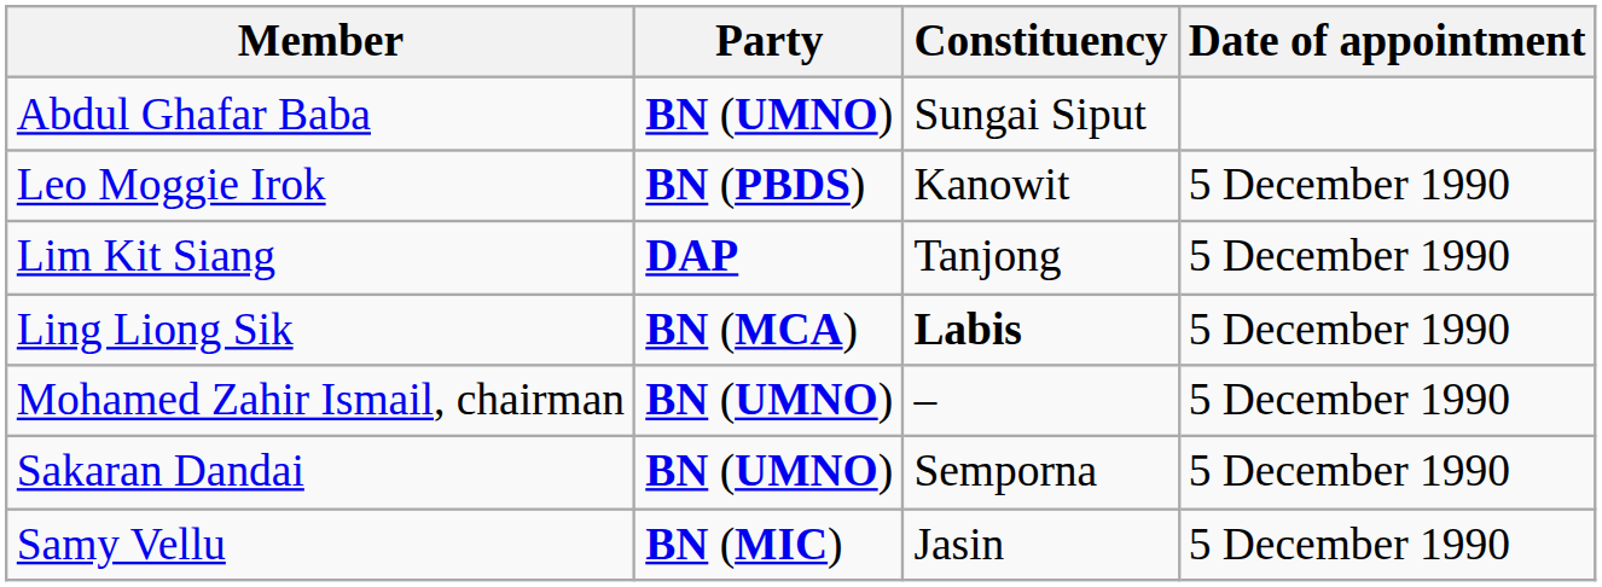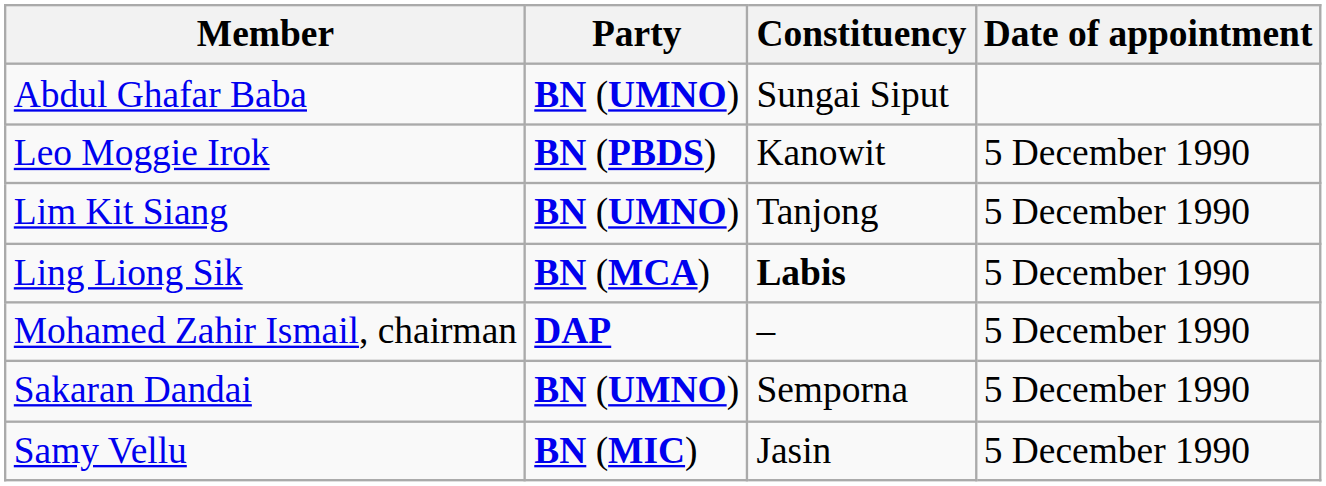 <table class=wikitable>
 <tr>
 <th>Member</th>
 <th>Party</th>
 <th>Constituency</th>
 <th>Date of appointment</th>
 </tr>
 <tr>
 <td><a href='#'>Abdul Ghafar Baba</a></td>
 <td><strong><a href='#'>BN</a></strong> (<strong><a href='#'>UMNO</a></strong>)</td>
 <td>Sungai Siput</td>
 <td></td>
 </tr>
 <tr>
 <td><a href='#'>Leo Moggie Irok</a></td>
 <td><strong><a href='#'>BN</a></strong> (<strong><a href='#'>PBDS</a></strong>)</td>
 <td>Kanowit</td>
 <td>5 December 1990</td>
 </tr>
 <tr>
 <td><a href='#'>Lim Kit Siang</a></td>
-<td><strong><a href='#'>DAP</a></strong></td>
+<td><strong><a href='#'>BN</a></strong> (<strong><a href='#'>UMNO</a></strong>)</td>
 <td>Tanjong</td>
 <td>5 December 1990</td>
 </tr>
 <tr>
 <td><a href='#'>Ling Liong Sik</a></td>
 <td><strong><a href='#'>BN</a></strong> (<strong><a href='#'>MCA</a></strong>)</td>
 <td><strong>Labis</strong></td>
 <td>5 December 1990</td>
 </tr>
 <tr>
 <td><a href='#'>Mohamed Zahir Ismail</a>, chairman</td>
-<td><strong><a href='#'>BN</a></strong> (<strong><a href='#'>UMNO</a></strong>)</td>
+<td><strong><a href='#'>DAP</a></strong></td>
 <td>–</td>
 <td>5 December 1990</td>
 </tr>
 <tr>
 <td><a href='#'>Sakaran Dandai</a></td>
 <td><strong><a href='#'>BN</a></strong> (<strong><a href='#'>UMNO</a></strong>)</td>
 <td>Semporna</td>
 <td>5 December 1990</td>
 </tr>
 <tr>
 <td><a href='#'>Samy Vellu</a></td>
 <td><strong><a href='#'>BN</a></strong> (<strong><a href='#'>MIC</a></strong>)</td>
 <td>Jasin</td>
 <td>5 December 1990</td>
 </tr>
 </table>
